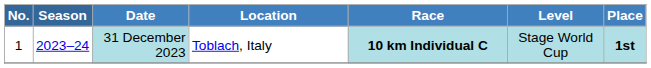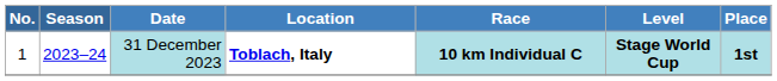 <table class="wikitable sortable" style="font-size:95%; text-align:center; border:grey solid 1px; border-collapse:collapse; background:#ffffff;">
 <tr style="background:#efefef;">
 <th style="background-color:#369; color:white;">No.</th>
 <th style="background-color:#369; color:white;">Season</th>
 <th style="background-color:#4180be; color:white; width:100px;">Date</th>
 <th style="background-color:#4180be; color:white; width:170px;">Location</th>
 <th style="background-color:#4180be; color:white; width:170px;">Race</th>
 <th style="background-color:#4180be; color:white; width:100px;">Level</th>
 <th style="background-color:#4180be; color:white;">Place</th>
 </tr>
 <tr>
 <td align=center>1</td>
 <td rowspan="1" align="center"><a href='#'>2023–24</a></td>
 <td bgcolor="#BOEOE6" align=right>31 December 2023</td>
-<td align=left> <a href='#'>Toblach</a>, Italy</td>
+<td align=left><strong> <a href='#'>Toblach</a>, Italy</strong></td>
 <td bgcolor="#BOEOE6"><strong>10 km Individual C</strong></td>
-<td bgcolor="#BOEOE6">Stage World Cup</td>
+<td bgcolor="#BOEOE6"><strong>Stage World Cup</strong></td>
 <td bgcolor="#BOEOE6"><strong>1st</strong></td>
 </tr>
 <tr>
 </tr>
 </table>
